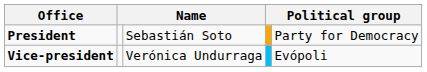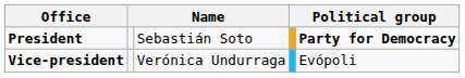 <table class="wikitable centre">
 <tr>
 <th>Office</th>
 <th colspan="2">Name</th>
 <th colspan="2">Political group</th>
 </tr>
 <tr>
 <td><strong>President</strong></td>
 <td></td>
 <td>Sebastián Soto</td>
 <td bgcolor="#FFA500"></td>
-<td>Party for Democracy</td>
+<td><strong>Party for Democracy</strong></td>
 </tr>
 <tr>
 <td><strong>Vice-president</strong></td>
 <td></td>
 <td>Verónica Undurraga</td>
 <td bgcolor="#00BFFF"></td>
 <td colspan="2">Evópoli</td>
 </tr>
 </table>
